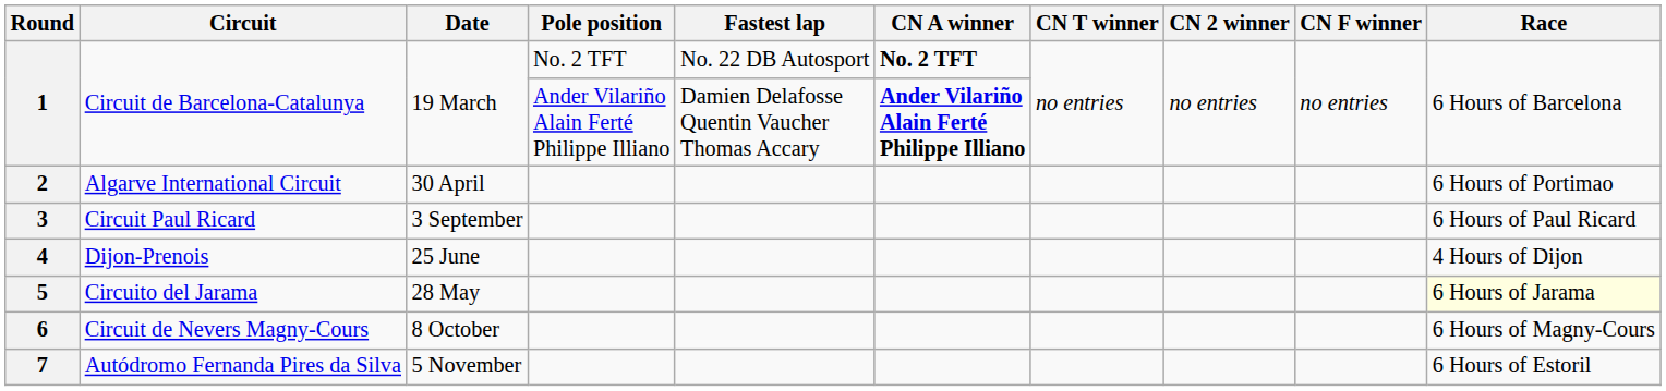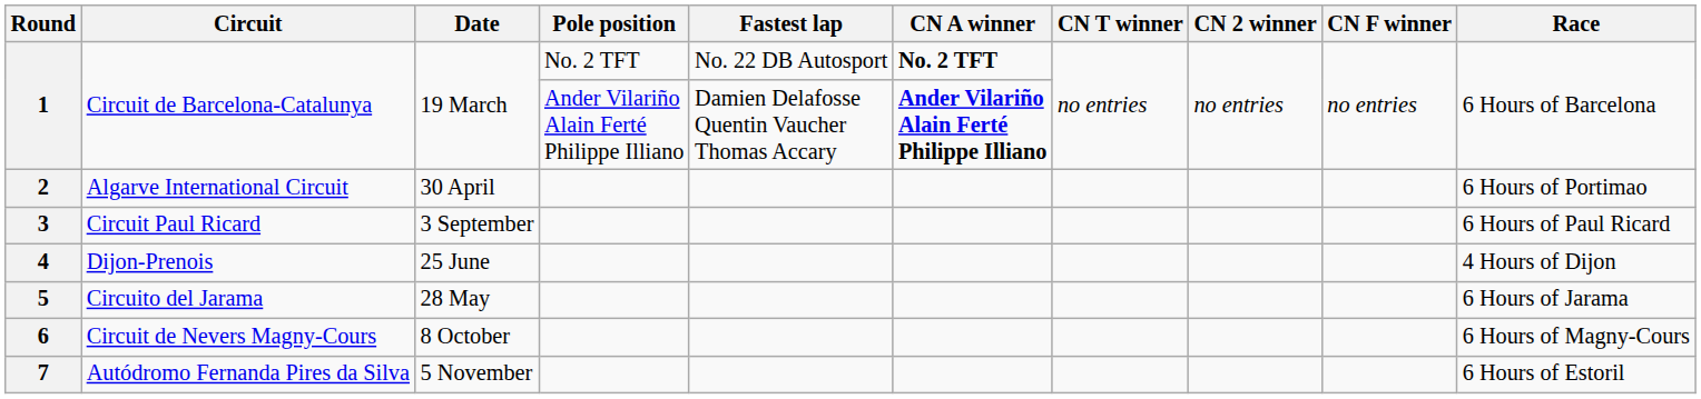 <table class="wikitable" style="font-size: 85%;">
 <tr>
 <th>Round</th>
 <th>Circuit</th>
 <th>Date</th>
 <th>Pole position</th>
 <th>Fastest lap</th>
 <th>CN A winner</th>
 <th>CN T winner</th>
 <th>CN 2 winner</th>
 <th>CN F winner</th>
 <th>Race</th>
 </tr>
 <tr>
 <th rowspan=2>1</th>
 <td rowspan=2> <a href='#'>Circuit de Barcelona-Catalunya</a></td>
 <td rowspan=2>19 March</td>
 <td>No. 2 TFT</td>
 <td>No. 22 DB Autosport</td>
 <td><strong>No. 2 TFT</strong></td>
 <td rowspan=2><em>no entries</em></td>
 <td rowspan=2><em>no entries</em></td>
 <td rowspan=2><em>no entries</em></td>
 <td rowspan=2>6 Hours of Barcelona</td>
 </tr>
 <tr>
 <td> <a href='#'>Ander Vilariño</a><br> <a href='#'>Alain Ferté</a><br> Philippe Illiano</td>
 <td> Damien Delafosse<br> Quentin Vaucher<br> Thomas Accary</td>
 <td><strong> <a href='#'>Ander Vilariño</a><br> <a href='#'>Alain Ferté</a><br> Philippe Illiano</strong></td>
 </tr>
 <tr>
 <th>2</th>
 <td> <a href='#'>Algarve International Circuit</a></td>
 <td>30 April</td>
 <td></td>
 <td></td>
 <td></td>
 <td></td>
 <td></td>
 <td></td>
 <td>6 Hours of Portimao</td>
 </tr>
 <tr>
 <th>3</th>
 <td> <a href='#'>Circuit Paul Ricard</a></td>
 <td>3 September</td>
 <td></td>
 <td></td>
 <td></td>
 <td></td>
 <td></td>
 <td></td>
 <td>6 Hours of Paul Ricard</td>
 </tr>
 <tr>
 <th>4</th>
 <td> <a href='#'>Dijon-Prenois</a></td>
 <td>25 June</td>
 <td></td>
 <td></td>
 <td></td>
 <td></td>
 <td></td>
 <td></td>
 <td>4 Hours of Dijon</td>
 </tr>
 <tr>
 <th>5</th>
 <td> <a href='#'>Circuito del Jarama</a></td>
 <td>28 May</td>
 <td></td>
 <td></td>
 <td></td>
 <td></td>
 <td></td>
 <td></td>
-<td style="background: lightyellow;">6 Hours of Jarama</td>
+<td>6 Hours of Jarama</td>
 </tr>
 <tr>
 <th>6</th>
 <td> <a href='#'>Circuit de Nevers Magny-Cours</a></td>
 <td>8 October</td>
 <td></td>
 <td></td>
 <td></td>
 <td></td>
 <td></td>
 <td></td>
 <td>6 Hours of Magny-Cours</td>
 </tr>
 <tr>
 <th>7</th>
 <td> <a href='#'>Autódromo Fernanda Pires da Silva</a></td>
 <td>5 November</td>
 <td></td>
 <td></td>
 <td></td>
 <td></td>
 <td></td>
 <td></td>
 <td>6 Hours of Estoril</td>
 </tr>
 </table>
